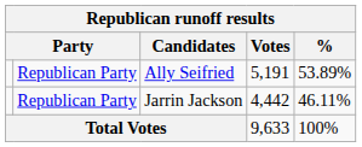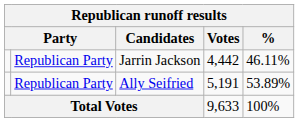 <table class="wikitable">
 <tr>
 <th colspan="5">Republican runoff results</th>
 </tr>
 <tr>
 <th colspan="2">Party</th>
 <th>Candidates</th>
 <th>Votes</th>
 <th>%</th>
 </tr>
 <tr>
 <td></td>
 <td><a href='#'>Republican Party</a></td>
-<td><a href='#'>Ally Seifried</a></td>
-<td>5,191</td>
-<td>53.89%</td>
+<td>Jarrin Jackson</td>
+<td>4,442</td>
+<td>46.11%</td>
 </tr>
 <tr>
 <td></td>
 <td><a href='#'>Republican Party</a></td>
-<td>Jarrin Jackson</td>
-<td>4,442</td>
-<td>46.11%</td>
+<td><a href='#'>Ally Seifried</a></td>
+<td>5,191</td>
+<td>53.89%</td>
 </tr>
 <tr>
 <th colspan="3"><strong>Total Votes</strong></th>
 <td>9,633</td>
 <td>100%</td>
 </tr>
 </table>
